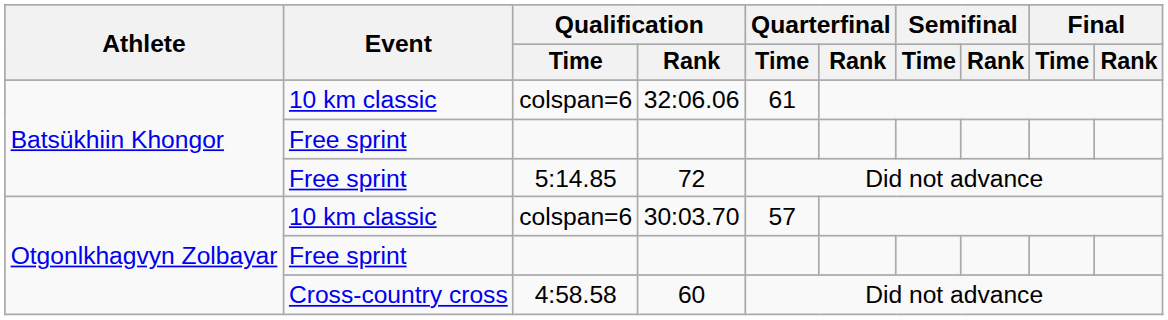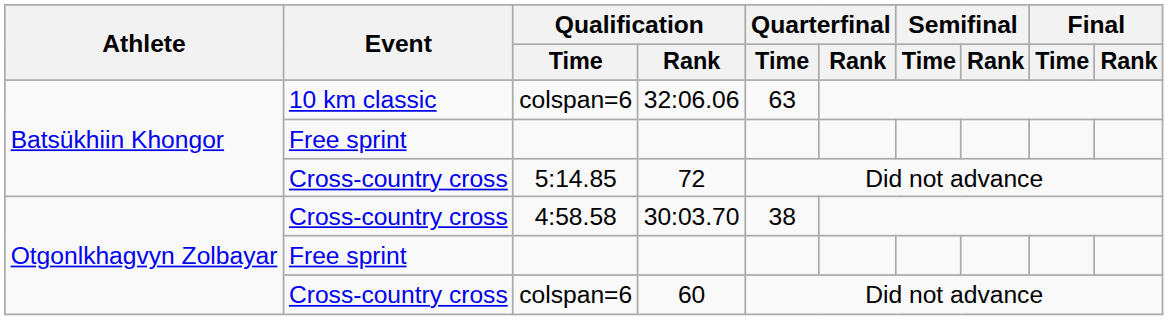 <table class="wikitable" style="font-size:90%">
 <tr>
 <th rowspan="2">Athlete</th>
 <th rowspan="2">Event</th>
 <th colspan="2">Qualification</th>
 <th colspan="2">Quarterfinal</th>
 <th colspan="2">Semifinal</th>
 <th colspan="2">Final</th>
 </tr>
 <tr style="font-size:95%">
 <th>Time</th>
 <th>Rank</th>
 <th>Time</th>
 <th>Rank</th>
 <th>Time</th>
 <th>Rank</th>
 <th>Time</th>
 <th>Rank</th>
 </tr>
 <tr align=center>
 <td align=left rowspan=3><a href='#'>Batsükhiin Khongor</a></td>
 <td align=left><a href='#'>10 km classic</a></td>
 <td>colspan=6 </td>
 <td>32:06.06</td>
-<td>61</td>
-</tr>
-<tr align=center>
-<td align=left><a href='#'>Free sprint</a></td>
-<td></td>
-<td></td>
-<td></td>
-<td></td>
-<td></td>
-<td></td>
-<td></td>
-<td></td>
-</tr>
-<tr align=center>
-<td align=left><a href='#'>Free sprint</a></td>
-<td>5:14.85</td>
-<td>72</td>
-<td colspan="6">Did not advance</td>
-</tr>
-<tr align=center>
-<td align=left rowspan=3><a href='#'>Otgonlkhagvyn Zolbayar</a></td>
-<td align=left><a href='#'>10 km classic</a></td>
-<td>colspan=6 </td>
-<td>30:03.70</td>
-<td>57</td>
+<td>63</td>
 </tr>
 <tr align=center>
 <td align=left><a href='#'>Free sprint</a></td>
 <td></td>
 <td></td>
 <td></td>
 <td></td>
 <td></td>
 <td></td>
 <td></td>
 <td></td>
 </tr>
 <tr align=center>
 <td align=left><a href='#'>Cross-country cross</a></td>
+<td>5:14.85</td>
+<td>72</td>
+<td colspan="6">Did not advance</td>
+</tr>
+<tr align=center>
+<td align=left rowspan=3><a href='#'>Otgonlkhagvyn Zolbayar</a></td>
+<td align=left><a href='#'>Cross-country cross</a></td>
 <td>4:58.58</td>
+<td>30:03.70</td>
+<td>38</td>
+</tr>
+<tr align=center>
+<td align=left><a href='#'>Free sprint</a></td>
+<td></td>
+<td></td>
+<td></td>
+<td></td>
+<td></td>
+<td></td>
+<td></td>
+<td></td>
+</tr>
+<tr align=center>
+<td align=left><a href='#'>Cross-country cross</a></td>
+<td>colspan=6 </td>
 <td>60</td>
 <td colspan="6">Did not advance</td>
 </tr>
 </table>
